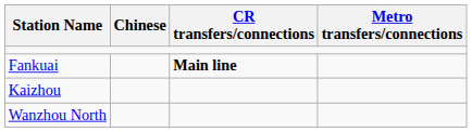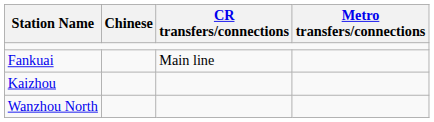 <table class="wikitable">
 <tr>
 <th>Station Name</th>
 <th>Chinese<br></th>
 <th><a href='#'>CR</a> <br>transfers/connections</th>
 <th><a href='#'>Metro</a><br>transfers/connections<br></th>
 </tr>
 <tr style="background:#">
 <td colspan = "11"></td>
 </tr>
 <tr>
 <td><a href='#'>Fankuai</a></td>
 <td></td>
-<td><strong>Main line</strong></td>
+<td>Main line</td>
 <td></td>
 </tr>
 <tr>
 <td><a href='#'>Kaizhou</a></td>
 <td></td>
 <td></td>
 <td></td>
 </tr>
 <tr>
 <td><a href='#'>Wanzhou North</a></td>
 <td></td>
 <td></td>
 <td></td>
 </tr>
 </table>
